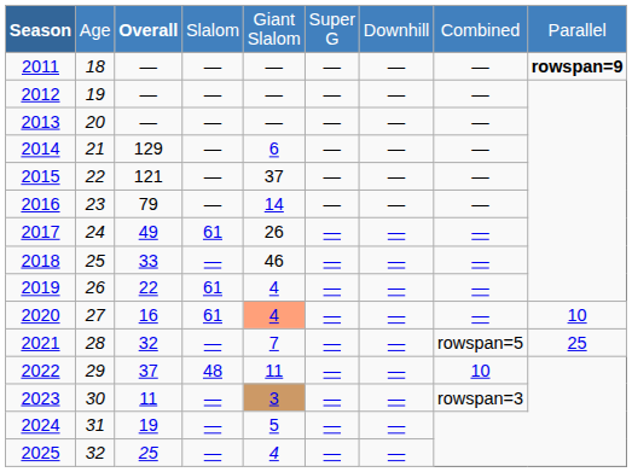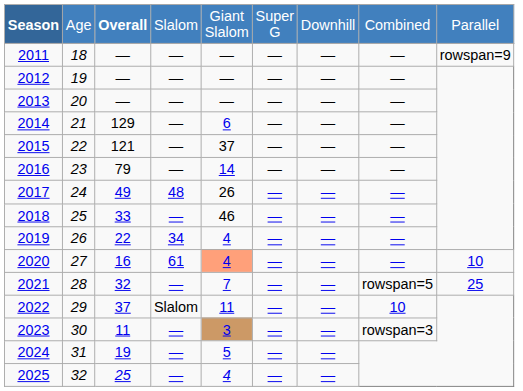 <table class="wikitable" style="font-size:95%; text-align:center; border:grey solid 1px; border-collapse:collapse;" width="35%">
 <tr style="background-color:#369; color:white;">
 <td rowspan="2" colspan="1" width="3%"><strong>Season</strong></td>
 </tr>
 <tr style="background-color:#4180be; color:white;">
 <td width="3%">Age</td>
 <td width="4%"><strong>Overall</strong></td>
 <td width="4%">Slalom</td>
 <td width="4%">Giant<br>Slalom</td>
 <td width="4%">Super G</td>
 <td width="4%">Downhill</td>
 <td width="4%">Combined</td>
 <td width="4%">Parallel</td>
 </tr>
 <tr style="background-color:#8CB2D8; color:white;">
 </tr>
 <tr>
 <td><a href='#'>2011</a></td>
 <td><em>18</em></td>
 <td>—</td>
 <td>—</td>
 <td>—</td>
 <td>—</td>
 <td>—</td>
 <td>—</td>
-<td><strong>rowspan=9 </strong></td>
+<td>rowspan=9 </td>
 </tr>
 <tr>
 <td><a href='#'>2012</a></td>
 <td><em>19</em></td>
 <td>—</td>
 <td>—</td>
 <td>—</td>
 <td>—</td>
 <td>—</td>
 <td>— </td>
 </tr>
 <tr>
 <td><a href='#'>2013</a></td>
 <td><em>20</em></td>
 <td>—</td>
 <td>—</td>
 <td>—</td>
 <td>—</td>
 <td>—</td>
 <td>— </td>
 </tr>
 <tr>
 <td><a href='#'>2014</a></td>
 <td><em>21</em></td>
 <td>129</td>
 <td>—</td>
 <td><a href='#'>6</a></td>
 <td>—</td>
 <td>—</td>
 <td>— </td>
 </tr>
 <tr>
 <td><a href='#'>2015</a></td>
 <td><em>22</em></td>
 <td>121</td>
 <td>—</td>
 <td>37</td>
 <td>—</td>
 <td>—</td>
 <td>— </td>
 </tr>
 <tr>
 <td><a href='#'>2016</a></td>
 <td><em>23</em></td>
 <td>79</td>
 <td>—</td>
 <td><a href='#'>14</a></td>
 <td>—</td>
 <td>—</td>
 <td>— </td>
 </tr>
 <tr>
 <td><a href='#'>2017</a></td>
 <td><em>24</em></td>
 <td><a href='#'>49</a></td>
-<td><a href='#'>61</a></td>
+<td><a href='#'>48</a></td>
 <td>26</td>
 <td><a href='#'>—</a></td>
 <td><a href='#'>—</a></td>
 <td><a href='#'>—</a></td>
 </tr>
 <tr>
 <td><a href='#'>2018</a></td>
 <td><em>25</em></td>
 <td><a href='#'>33</a></td>
 <td><a href='#'>—</a></td>
 <td>46</td>
 <td><a href='#'>—</a></td>
 <td><a href='#'>—</a></td>
 <td><a href='#'>—</a></td>
 </tr>
 <tr>
 <td><a href='#'>2019</a></td>
 <td><em>26</em></td>
 <td><a href='#'>22</a></td>
-<td><a href='#'>61</a></td>
+<td><a href='#'>34</a></td>
 <td><a href='#'>4</a></td>
 <td><a href='#'>—</a></td>
 <td><a href='#'>—</a></td>
 <td><a href='#'>—</a></td>
 </tr>
 <tr>
 <td><a href='#'>2020</a></td>
 <td><em>27</em></td>
 <td><a href='#'>16</a></td>
 <td><a href='#'>61</a></td>
 <td style="background: lightsalmon;"><a href='#'>4</a></td>
 <td><a href='#'>—</a></td>
 <td><a href='#'>—</a></td>
 <td><a href='#'>—</a></td>
 <td><a href='#'>10</a></td>
 </tr>
 <tr>
 <td><a href='#'>2021</a></td>
 <td><em>28</em></td>
 <td><a href='#'>32</a></td>
 <td><a href='#'>—</a></td>
 <td><a href='#'>7</a></td>
 <td><a href='#'>—</a></td>
 <td><a href='#'>—</a></td>
 <td>rowspan=5 </td>
 <td><a href='#'>25</a></td>
 </tr>
 <tr>
 <td><a href='#'>2022</a></td>
 <td><em>29</em></td>
 <td><a href='#'>37</a></td>
-<td><a href='#'>48</a></td>
+<td width="4%">Slalom</td>
 <td><a href='#'>11</a></td>
 <td><a href='#'>—</a></td>
 <td><a href='#'>—</a></td>
 <td><a href='#'>10</a></td>
 </tr>
 <tr>
 <td><a href='#'>2023</a></td>
 <td><em>30</em></td>
 <td><a href='#'>11</a></td>
 <td><a href='#'>—</a></td>
 <td style="background:#c96;"><a href='#'>3</a></td>
 <td><a href='#'>—</a></td>
 <td><a href='#'>—</a></td>
 <td>rowspan=3 </td>
 </tr>
 <tr>
 <td><a href='#'>2024</a></td>
 <td><em>31</em></td>
 <td><a href='#'>19</a></td>
 <td><a href='#'>—</a></td>
 <td><a href='#'>5</a></td>
 <td><a href='#'>—</a></td>
 <td><a href='#'>—</a></td>
 </tr>
 <tr>
 <td><a href='#'>2025</a></td>
 <td><em>32</em></td>
 <td><a href='#'><em>25</em></a></td>
 <td><a href='#'>—</a></td>
 <td><a href='#'><em>4</em></a></td>
 <td><a href='#'>—</a></td>
 <td><a href='#'>—</a></td>
 </tr>
 </table>
